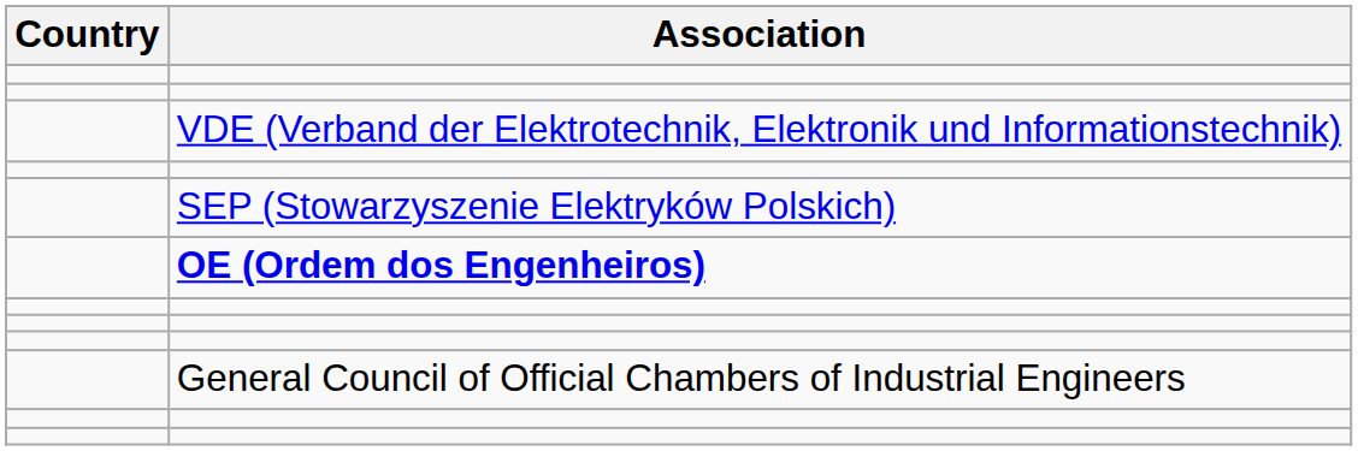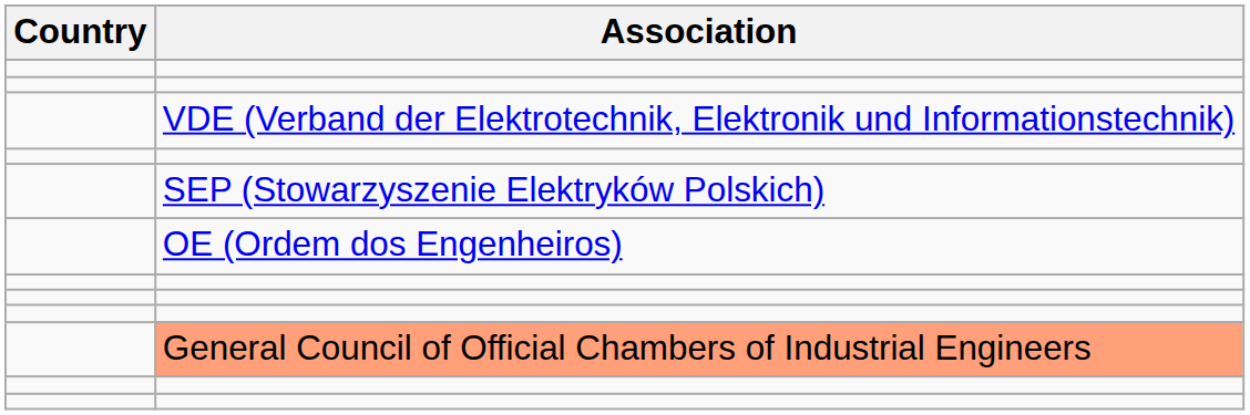 <table class="wikitable">
 <tr>
 <th>Country</th>
 <th>Association</th>
 </tr>
 <tr>
 <td></td>
 <td></td>
 </tr>
 <tr>
 <td></td>
 <td></td>
 </tr>
 <tr>
 <td></td>
 <td><a href='#'>VDE (Verband der Elektrotechnik, Elektronik und Informationstechnik)</a></td>
 </tr>
 <tr>
 <td></td>
 <td></td>
 </tr>
 <tr>
 <td></td>
 <td><a href='#'>SEP (Stowarzyszenie Elektryków Polskich)</a></td>
 </tr>
 <tr>
 <td></td>
-<td><strong><a href='#'>OE (Ordem dos Engenheiros)</a></strong></td>
+<td><a href='#'>OE (Ordem dos Engenheiros)</a></td>
 </tr>
 <tr>
 <td></td>
 <td></td>
 </tr>
 <tr>
 <td></td>
 <td></td>
 </tr>
 <tr>
 <td></td>
 <td></td>
 </tr>
 <tr>
 <td></td>
-<td>General Council of Official Chambers of Industrial Engineers</td>
+<td style="background: lightsalmon;">General Council of Official Chambers of Industrial Engineers</td>
 </tr>
 <tr>
 <td></td>
 <td></td>
 </tr>
 <tr>
 <td></td>
 <td></td>
 </tr>
 </table>
